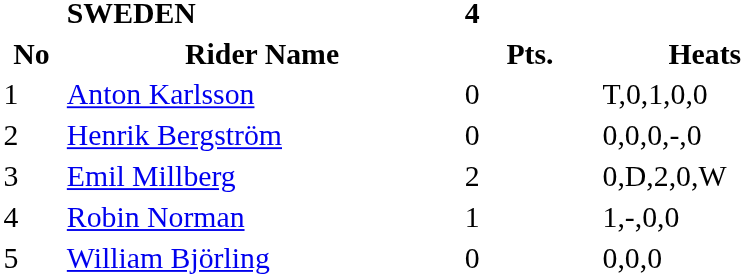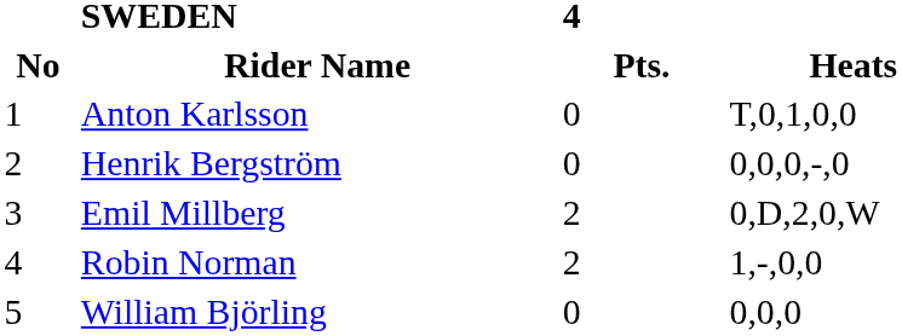 <table class="toccolours">
 <tr>
 <td></td>
 <td><strong>SWEDEN</strong></td>
 <td><strong>4</strong></td>
 </tr>
 <tr style="background-color:">
 <th width=30px>No</th>
 <th width=210px>Rider Name</th>
 <th width=70px>Pts.</th>
 <th width=110px>Heats</th>
 </tr>
 <tr style="background-color:">
 <td>1</td>
 <td><a href='#'>Anton Karlsson</a></td>
 <td>0</td>
 <td>T,0,1,0,0</td>
 </tr>
 <tr style="background-color:">
 <td>2</td>
 <td><a href='#'>Henrik Bergström</a></td>
 <td>0</td>
 <td>0,0,0,-,0</td>
 </tr>
 <tr style="background-color:">
 <td>3</td>
 <td><a href='#'>Emil Millberg</a></td>
 <td>2</td>
 <td>0,D,2,0,W</td>
 </tr>
 <tr style="background-color:">
 <td>4</td>
 <td><a href='#'>Robin Norman</a></td>
-<td>1</td>
+<td>2</td>
 <td>1,-,0,0</td>
 </tr>
 <tr style="background-color:">
 <td>5</td>
 <td><a href='#'>William Björling</a></td>
 <td>0</td>
 <td>0,0,0</td>
 </tr>
 </table>
